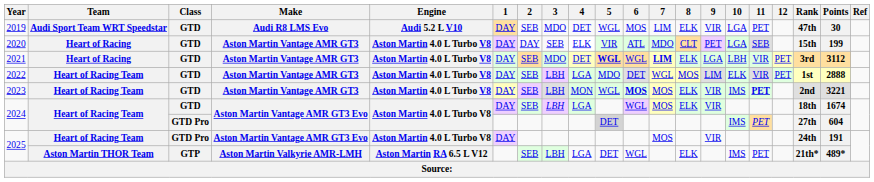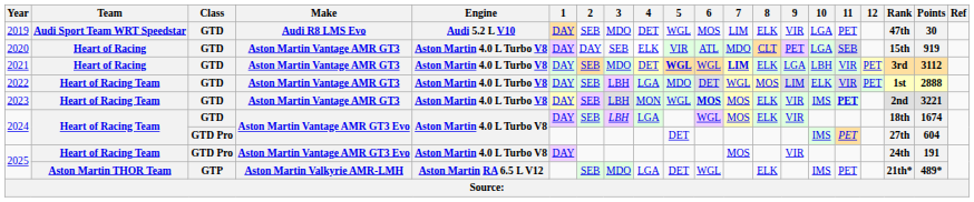 <table class="wikitable" style="text-align:center; font-size:85%">
 <tr>
 <th>Year</th>
 <th>Team</th>
 <th>Class</th>
 <th>Make</th>
 <th>Engine</th>
 <th>1</th>
 <th>2</th>
 <th>3</th>
 <th>4</th>
 <th>5</th>
 <th>6</th>
 <th>7</th>
 <th>8</th>
 <th>9</th>
 <th>10</th>
 <th>11</th>
 <th>12</th>
 <th>Rank</th>
 <th>Points</th>
 <th>Ref</th>
 </tr>
 <tr>
 <td><a href='#'>2019</a></td>
 <th nowrap><a href='#'>Audi Sport Team WRT Speedstar</a></th>
 <th>GTD</th>
 <th nowrap><a href='#'>Audi R8 LMS Evo</a></th>
 <th nowrap><a href='#'>Audi</a> 5.2 L <a href='#'>V10</a></th>
 <td style="background:#FFDF9F;”"><a href='#'>DAY</a><br></td>
 <td style="background:#;"><a href='#'>SEB</a><br></td>
 <td style="background:#;"><a href='#'>MDO</a><br></td>
 <td style="background:#;"><a href='#'>DET</a><br></td>
 <td style="background:#;"><a href='#'>WGL</a><br></td>
 <td style="background:#;"><a href='#'>MOS</a><br></td>
 <td style="background:#;"><a href='#'>LIM</a><br></td>
 <td style="background:#;"><a href='#'>ELK</a><br></td>
 <td style="background:#;"><a href='#'>VIR</a><br></td>
 <td style="background:#;"><a href='#'>LGA</a><br></td>
 <td style="background:#;"><a href='#'>PET</a><br></td>
 <td></td>
 <th>47th</th>
 <th>30</th>
 <td></td>
 </tr>
 <tr>
 <td><a href='#'>2020</a></td>
 <th nowrap><a href='#'>Heart of Racing</a></th>
 <th>GTD</th>
 <th nowrap><a href='#'>Aston Martin Vantage AMR GT3</a></th>
 <th nowrap><a href='#'>Aston Martin</a> 4.0 L Turbo <a href='#'>V8</a></th>
 <td style="background:#efcfff;"><a href='#'>DAY</a><br></td>
 <td><a href='#'>DAY</a></td>
 <td><a href='#'>SEB</a></td>
 <td style="background:#ffffff;"><a href='#'>ELK</a><br></td>
 <td style="background:#dfffdf;"><a href='#'>VIR</a><br></td>
 <td style="background:#dfffdf;"><a href='#'>ATL</a><br></td>
 <td style="background:#DFFFDF;"><a href='#'>MDO</a><br></td>
 <td style="background:#FFDF9F;"><a href='#'>CLT</a><br></td>
 <td style="background:#efcfff;"><a href='#'>PET</a><br></td>
 <td style="background:#DFFFDF;"><a href='#'>LGA</a><br></td>
 <td style="background:#DFDFDF;"><a href='#'>SEB</a><br></td>
 <td></td>
 <th>15th</th>
-<th>199</th>
+<th>919</th>
 <td></td>
 </tr>
 <tr>
 <td><a href='#'>2021</a></td>
 <th nowrap><a href='#'>Heart of Racing</a></th>
 <th>GTD</th>
 <th nowrap><a href='#'>Aston Martin Vantage AMR GT3</a></th>
 <th nowrap><a href='#'>Aston Martin</a> 4.0 L Turbo <a href='#'>V8</a></th>
 <td style="background:#DFFFDF;"><a href='#'>DAY</a><br></td>
 <td style="background:#FFDF9F;"><a href='#'>SEB</a><br></td>
 <td style="background:#DFFFDF;"><a href='#'>MDO</a><br></td>
 <td style="background:#FFFFBF;"><a href='#'>DET</a><br></td>
 <td style="background:#FFDF9F;"><strong><a href='#'>WGL</a><br></strong></td>
 <td style="background:#FFDF9F;"><a href='#'>WGL</a><br></td>
 <td style="background:#FFFFBF;"><strong><a href='#'>LIM</a></strong><br></td>
 <td style="background:#DFFFDF;"><a href='#'>ELK</a><br></td>
 <td style="background:#DFFFDF;"><a href='#'>LGA</a><br></td>
 <td style="background:#DFFFDF;"><a href='#'>LBH</a><br></td>
 <td style="background:#DFFFDF;"><a href='#'>VIR</a><br></td>
 <td style="background:#FFFFBF;"><a href='#'>PET</a><br></td>
 <th style="background:#FFDF9F;">3rd</th>
 <th style="background:#FFDF9F;">3112</th>
 <td></td>
 </tr>
 <tr>
 <td><a href='#'>2022</a></td>
 <th nowrap><a href='#'>Heart of Racing Team</a></th>
 <th>GTD</th>
 <th nowrap><a href='#'>Aston Martin Vantage AMR GT3</a></th>
 <th nowrap><a href='#'>Aston Martin</a> 4.0 L Turbo <a href='#'>V8</a></th>
 <td style="background:#DFFFDF;"><a href='#'>DAY</a><br></td>
 <td style="background:#DFFFDF;"><a href='#'>SEB</a><br></td>
 <td style="background:#EFCFFF;"><a href='#'>LBH</a><br></td>
 <td style="background:#DFFFDF;"><a href='#'>LGA</a><br></td>
 <td style="background:#DFFFDF;"><a href='#'>MDO</a><br></td>
 <td style="background:#DFDFDF;"><a href='#'>DET</a><br></td>
 <td style="background:#FFFFBF;"><a href='#'>WGL</a><br></td>
 <td style="background:#FFFFBF;"><a href='#'>MOS</a><br></td>
 <td style="background:#dfdfdf;"><a href='#'>LIM</a><br></td>
 <td style="background:#dfffdf;"><a href='#'>ELK</a><br></td>
 <td style="background:#dfdfdf;"><a href='#'>VIR</a><br></td>
 <td style="background:#dfffdf;"><a href='#'>PET</a><br></td>
 <th style="background:#FFFFBF;">1st</th>
 <th style="background:#FFFFBF;">2888</th>
 <td></td>
 </tr>
 <tr>
 <td><a href='#'>2023</a></td>
 <th nowrap><a href='#'>Heart of Racing Team</a></th>
 <th>GTD</th>
 <th nowrap><a href='#'>Aston Martin Vantage AMR GT3</a></th>
 <th nowrap><a href='#'>Aston Martin</a> 4.0 L Turbo <a href='#'>V8</a></th>
 <td style="background:#FFFFBF;"><a href='#'>DAY</a><br></td>
 <td style="background:#EFCFFF;"><a href='#'>SEB</a><br></td>
 <td style="background:#dfdfdf;”"><a href='#'>LBH</a><br></td>
 <td style="background:#DFFFDF;”"><a href='#'>MON</a><br></td>
 <td style="background:#DFFFDF;"><a href='#'>WGL</a><br></td>
 <td style="background:#DFFFDF;"><strong><a href='#'>MOS</a></strong><br></td>
 <td style="background:#FFFFBF;"><a href='#'>MOS</a><br></td>
 <td style="background:#DFFFDF;"><a href='#'>ELK</a><br></td>
 <td style="background:#DFFFDF;"><a href='#'>VIR</a><br></td>
 <td style="background:#DFFFDF;"><a href='#'>IMS</a><br></td>
 <td style="background:#DFFFDF;"><strong><a href='#'>PET</a></strong><br></td>
 <td></td>
 <th style="background:#DFDFDF;">2nd</th>
 <th style="background:#DFDFDF;">3221</th>
 <td></td>
 </tr>
 <tr>
 <td rowspan="2"><a href='#'>2024</a></td>
 <th nowrap rowspan="2"><a href='#'>Heart of Racing Team</a></th>
 <th>GTD</th>
 <th nowrap rowspan="2"><a href='#'>Aston Martin Vantage AMR GT3 Evo</a></th>
 <th nowrap rowspan="2"><a href='#'>Aston Martin</a> 4.0 L Turbo V8</th>
 <td style="background:#efcfff;"><a href='#'>DAY</a><br></td>
 <td style="background:#dfffdf;"><a href='#'>SEB</a><br></td>
 <td style="background:#efcfff;"><em><a href='#'>LBH</a></em><br></td>
 <td style="background:#dfffdf;"><a href='#'>LGA</a><br></td>
 <td></td>
 <td style="background:#efcfff;"><a href='#'>WGL</a><br></td>
 <td style="background:#FFFFBF;"><a href='#'>MOS</a><br></td>
 <td style="background:#dfffdf;"><a href='#'>ELK</a><br></td>
 <td style="background:#dfffdf;"><a href='#'>VIR</a><br></td>
 <td></td>
 <td></td>
 <td></td>
 <th>18th</th>
 <th>1674</th>
 <td rowspan="2"></td>
 </tr>
 <tr>
 <th nowrap>GTD Pro</th>
 <td></td>
 <td></td>
 <td></td>
 <td></td>
-<td style="background: lightgrey;"><a href='#'>DET</a></td>
+<td><a href='#'>DET</a></td>
 <td></td>
 <td></td>
 <td></td>
 <td></td>
 <td style="background:#dfffdf;"><a href='#'>IMS</a><br></td>
 <td style="background:#FFDF9F;"><em><a href='#'>PET</a></em><br></td>
 <td></td>
 <th>27th</th>
 <th>604</th>
 </tr>
 <tr>
 <td rowspan="2"><a href='#'>2025</a></td>
 <th nowrap><a href='#'>Heart of Racing Team</a></th>
 <th>GTD Pro</th>
 <th nowrap><a href='#'>Aston Martin Vantage AMR GT3 Evo</a></th>
 <th nowrap><a href='#'>Aston Martin</a> 4.0 L Turbo V8</th>
 <td style="background:#efcfff;"><a href='#'>DAY</a><br></td>
 <td></td>
 <td></td>
 <td></td>
 <td></td>
 <td></td>
 <td><a href='#'>MOS</a></td>
 <td></td>
 <td><a href='#'>VIR</a></td>
 <td></td>
 <td></td>
 <td></td>
 <th>24th</th>
 <th>191</th>
 <td rowspan="2"></td>
 </tr>
 <tr>
 <th nowrap><a href='#'>Aston Martin THOR Team</a></th>
 <th>GTP</th>
 <th nowrap><a href='#'>Aston Martin Valkyrie AMR-LMH</a></th>
 <th nowrap><a href='#'>Aston Martin</a> <a href='#'>RA</a> 6.5 L V12</th>
 <td></td>
 <td style="background:#dfffdf;"><a href='#'>SEB</a><br></td>
-<td style="background:#dfffdf;"><a href='#'>LBH</a><br></td>
+<td style="background:#DFFFDF;"><a href='#'>MDO</a><br></td>
 <td style="background:#;"><a href='#'>LGA</a><br></td>
 <td style="background:#;"><a href='#'>DET</a><br></td>
 <td style="background:#;"><a href='#'>WGL</a><br></td>
 <td></td>
 <td style="background:#;"><a href='#'>ELK</a><br></td>
 <td></td>
 <td style="background:#;"><a href='#'>IMS</a><br></td>
 <td style="background:#;"><a href='#'>PET</a><br></td>
 <td></td>
 <th>21th*</th>
 <th>489*</th>
 </tr>
 <tr>
 <th colspan="20">Source:</th>
 </tr>
 </table>
